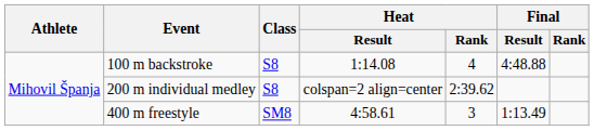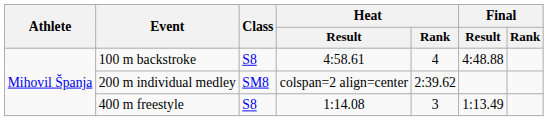 <table class="wikitable" style="font-size:90%">
 <tr>
 <th rowspan="2">Athlete</th>
 <th rowspan="2">Event</th>
 <th rowspan="2">Class</th>
 <th colspan="2">Heat</th>
 <th colspan="2">Final</th>
 </tr>
 <tr style="font-size:95%">
 <th>Result</th>
 <th>Rank</th>
 <th>Result</th>
 <th>Rank</th>
 </tr>
 <tr>
 <td rowspan="3"><a href='#'>Mihovil Španja</a></td>
 <td>100 m backstroke</td>
 <td><a href='#'>S8</a></td>
-<td align=center>1:14.08</td>
+<td align=center>4:58.61</td>
 <td align=center>4</td>
 <td align=center>4:48.88</td>
 <td align=center></td>
 </tr>
 <tr>
 <td>200 m individual medley</td>
-<td><a href='#'>S8</a></td>
+<td><a href='#'>SM8</a></td>
 <td>colspan=2 align=center </td>
 <td align=center>2:39.62</td>
 <td align=center></td>
 </tr>
 <tr>
 <td>400 m freestyle</td>
-<td><a href='#'>SM8</a></td>
-<td align=center>4:58.61</td>
+<td><a href='#'>S8</a></td>
+<td align=center>1:14.08</td>
 <td align=center>3</td>
 <td align=center>1:13.49</td>
 <td align=center></td>
 </tr>
 </table>
